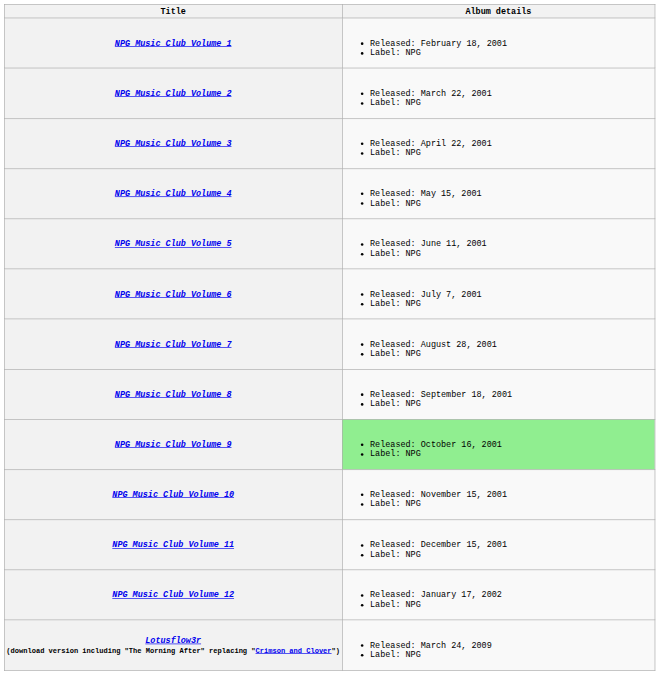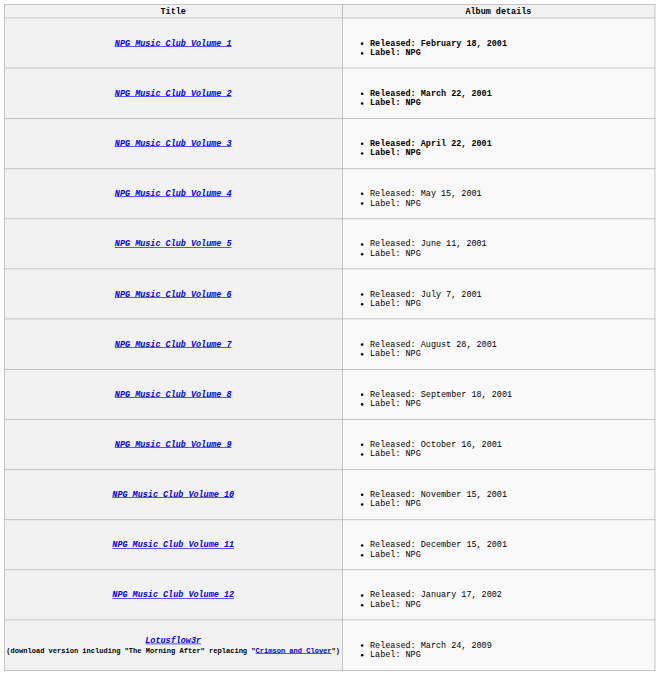 <table class="wikitable plainrowheaders">
 <tr>
 <th scope="col">Title</th>
 <th scope="col" style="width:475px;">Album details</th>
 </tr>
 <tr>
 <th scope="row"><em><a href='#'>NPG Music Club Volume 1</a></em></th>
-<td><br><ul><li>Released: February 18, 2001</li><li>Label: NPG</li></ul></td>
+<td><strong><br><ul><li>Released: February 18, 2001</li><li>Label: NPG</li></ul></strong></td>
 </tr>
 <tr>
 <th scope="row"><em><a href='#'>NPG Music Club Volume 2</a></em></th>
-<td><br><ul><li>Released: March 22, 2001</li><li>Label: NPG</li></ul></td>
+<td><strong><br><ul><li>Released: March 22, 2001</li><li>Label: NPG</li></ul></strong></td>
 </tr>
 <tr>
 <th scope="row"><em><a href='#'>NPG Music Club Volume 3</a></em></th>
-<td><br><ul><li>Released: April 22, 2001</li><li>Label: NPG</li></ul></td>
+<td><strong><br><ul><li>Released: April 22, 2001</li><li>Label: NPG</li></ul></strong></td>
 </tr>
 <tr>
 <th scope="row"><em><a href='#'>NPG Music Club Volume 4</a></em></th>
 <td><br><ul><li>Released: May 15, 2001</li><li>Label: NPG</li></ul></td>
 </tr>
 <tr>
 <th scope="row"><em><a href='#'>NPG Music Club Volume 5</a></em></th>
 <td><br><ul><li>Released: June 11, 2001</li><li>Label: NPG</li></ul></td>
 </tr>
 <tr>
 <th scope="row"><em><a href='#'>NPG Music Club Volume 6</a></em></th>
 <td><br><ul><li>Released: July 7, 2001</li><li>Label: NPG</li></ul></td>
 </tr>
 <tr>
 <th scope="row"><em><a href='#'>NPG Music Club Volume 7</a></em></th>
 <td><br><ul><li>Released: August 28, 2001</li><li>Label: NPG</li></ul></td>
 </tr>
 <tr>
 <th scope="row"><em><a href='#'>NPG Music Club Volume 8</a></em></th>
 <td><br><ul><li>Released: September 18, 2001</li><li>Label: NPG</li></ul></td>
 </tr>
 <tr>
 <th scope="row"><em><a href='#'>NPG Music Club Volume 9</a></em></th>
-<td style="background: lightgreen;"><br><ul><li>Released: October 16, 2001</li><li>Label: NPG</li></ul></td>
+<td><br><ul><li>Released: October 16, 2001</li><li>Label: NPG</li></ul></td>
 </tr>
 <tr>
 <th scope="row"><em><a href='#'>NPG Music Club Volume 10</a></em></th>
 <td><br><ul><li>Released: November 15, 2001</li><li>Label: NPG</li></ul></td>
 </tr>
 <tr>
 <th scope="row"><em><a href='#'>NPG Music Club Volume 11</a></em></th>
 <td><br><ul><li>Released: December 15, 2001</li><li>Label: NPG</li></ul></td>
 </tr>
 <tr>
 <th scope="row"><em><a href='#'>NPG Music Club Volume 12</a></em></th>
 <td><br><ul><li>Released: January 17, 2002</li><li>Label: NPG</li></ul></td>
 </tr>
 <tr>
 <th scope="row"><em><a href='#'>Lotusflow3r</a></em> <br> <small>(download version including "The Morning After" replacing "<a href='#'>Crimson and Clover</a>")</small></th>
 <td><br><ul><li>Released: March 24, 2009</li><li>Label: NPG</li></ul></td>
 </tr>
 </table>
